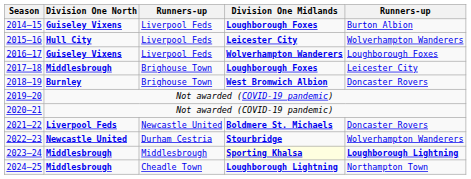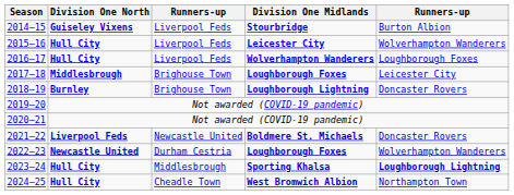 <table class="wikitable" style="font-size:90%;">
 <tr>
 <th>Season</th>
 <th>Division One North</th>
 <th>Runners-up</th>
 <th>Division One Midlands</th>
 <th>Runners-up</th>
 </tr>
 <tr>
 <td><a href='#'>2014–15</a></td>
 <td><strong><a href='#'>Guiseley Vixens</a></strong></td>
 <td><a href='#'>Liverpool Feds</a></td>
-<td><strong><a href='#'>Loughborough Foxes</a></strong></td>
+<td><strong><a href='#'>Stourbridge</a></strong></td>
 <td><a href='#'>Burton Albion</a></td>
 </tr>
 <tr>
 <td><a href='#'>2015–16</a></td>
 <td><strong><a href='#'>Hull City</a></strong></td>
 <td><a href='#'>Liverpool Feds</a></td>
 <td><strong><a href='#'>Leicester City</a></strong></td>
 <td><a href='#'>Wolverhampton Wanderers</a></td>
 </tr>
 <tr>
 <td><a href='#'>2016–17</a></td>
-<td><strong><a href='#'>Guiseley Vixens</a></strong></td>
+<td><strong><a href='#'>Hull City</a></strong></td>
 <td><a href='#'>Liverpool Feds</a></td>
 <td><strong><a href='#'>Wolverhampton Wanderers</a></strong></td>
 <td><a href='#'>Loughborough Foxes</a></td>
 </tr>
 <tr>
 <td><a href='#'>2017–18</a></td>
 <td><strong><a href='#'>Middlesbrough</a></strong></td>
 <td><a href='#'>Brighouse Town</a></td>
 <td><strong><a href='#'>Loughborough Foxes</a></strong></td>
 <td><a href='#'>Leicester City</a></td>
 </tr>
 <tr>
 <td><a href='#'>2018–19</a></td>
 <td><strong><a href='#'>Burnley</a></strong></td>
 <td><a href='#'>Brighouse Town</a></td>
-<td><strong><a href='#'>West Bromwich Albion</a></strong></td>
+<td><strong><a href='#'>Loughborough Lightning</a></strong></td>
 <td><a href='#'>Doncaster Rovers</a></td>
 </tr>
 <tr>
 <td><a href='#'>2019–20</a></td>
 <td colspan=4 style="text-align: center"><em>Not awarded (<a href='#'>COVID-19 pandemic</a>)</em></td>
 </tr>
 <tr>
 <td><a href='#'>2020–21</a></td>
 <td colspan=4 style="text-align: center"><em>Not awarded (COVID-19 pandemic)</em></td>
 </tr>
 <tr>
 <td><a href='#'>2021–22</a></td>
 <td><strong><a href='#'>Liverpool Feds</a></strong></td>
 <td><a href='#'>Newcastle United</a></td>
 <td><strong><a href='#'>Boldmere St. Michaels</a></strong></td>
 <td><a href='#'>Doncaster Rovers</a></td>
 </tr>
 <tr>
 <td><a href='#'>2022–23</a></td>
 <td><strong><a href='#'>Newcastle United</a></strong></td>
 <td><a href='#'>Durham Cestria</a></td>
-<td><strong><a href='#'>Stourbridge</a></strong></td>
+<td><strong><a href='#'>Loughborough Foxes</a></strong></td>
 <td><a href='#'>Wolverhampton Wanderers</a></td>
 </tr>
 <tr>
 <td><a href='#'>2023–24</a></td>
-<td><strong><a href='#'>Middlesbrough</a></strong></td>
+<td><strong><a href='#'>Hull City</a></strong></td>
 <td><a href='#'>Middlesbrough</a></td>
-<td style="background: lightyellow;"><strong><a href='#'>Sporting Khalsa</a></strong></td>
+<td><strong><a href='#'>Sporting Khalsa</a></strong></td>
 <td><strong><a href='#'>Loughborough Lightning</a></strong></td>
 </tr>
 <tr>
 <td><a href='#'>2024–25</a></td>
-<td><strong><a href='#'>Middlesbrough</a></strong></td>
+<td><strong><a href='#'>Hull City</a></strong></td>
 <td><a href='#'>Cheadle Town</a></td>
-<td><strong><a href='#'>Loughborough Lightning</a></strong></td>
+<td><strong><a href='#'>West Bromwich Albion</a></strong></td>
 <td><a href='#'>Northampton Town</a></td>
 </tr>
 </table>
